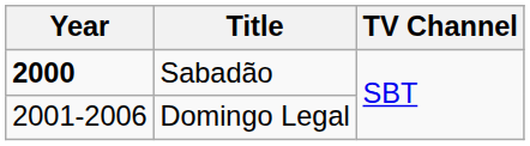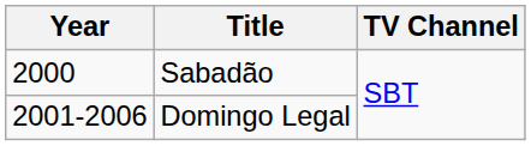 <table class="wikitable">
 <tr>
 <th>Year</th>
 <th>Title</th>
 <th>TV Channel</th>
 </tr>
 <tr>
-<td><strong>2000</strong></td>
+<td>2000</td>
 <td>Sabadão</td>
 <td rowspan="2"><a href='#'>SBT</a></td>
 </tr>
 <tr>
 <td>2001-2006</td>
 <td>Domingo Legal</td>
 </tr>
 </table>
